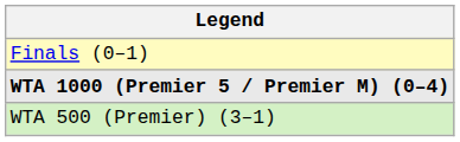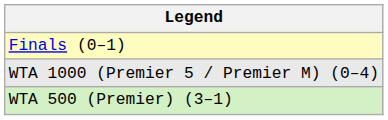 <table class=wikitable style=font-size:90%>
 <tr>
 <th>Legend</th>
 </tr>
 <tr>
 <td bgcolor="fffcc"><a href='#'>Finals</a> (0–1)</td>
 </tr>
 <tr>
-<td bgcolor="e9e9e9"><strong>WTA 1000 (Premier 5 / Premier M) (0–4)</strong></td>
+<td bgcolor="e9e9e9">WTA 1000 (Premier 5 / Premier M) (0–4)</td>
 </tr>
 <tr>
 <td bgcolor="d4f1c5">WTA 500 (Premier) (3–1)</td>
 </tr>
 </table>
